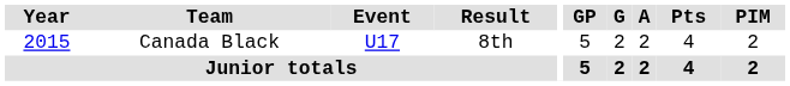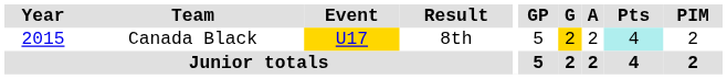 <table border="0" cellpadding="1" cellspacing="0" ID="Table3" style="text-align:center; width:40em;">
 <tr bgcolor="#e0e0e0">
 <th>Year</th>
 <th>Team</th>
 <th>Event</th>
 <th>Result</th>
 <th rowspan="99" bgcolor="#ffffff"></th>
 <th>GP</th>
 <th>G</th>
 <th>A</th>
 <th>Pts</th>
 <th>PIM</th>
 </tr>
 <tr>
 <td><a href='#'>2015</a></td>
 <td>Canada Black</td>
-<td><a href='#'>U17</a></td>
+<td style="background: gold;"><a href='#'>U17</a></td>
 <td>8th</td>
 <td>5</td>
+<td style="background: gold;">2</td>
 <td>2</td>
-<td>2</td>
-<td>4</td>
+<td style="background: paleturquoise;">4</td>
 <td>2</td>
 </tr>
 <tr bgcolor="#e0e0e0">
 <th colspan="4">Junior totals</th>
 <th>5</th>
 <th>2</th>
 <th>2</th>
 <th>4</th>
 <th>2</th>
 </tr>
 </table>
